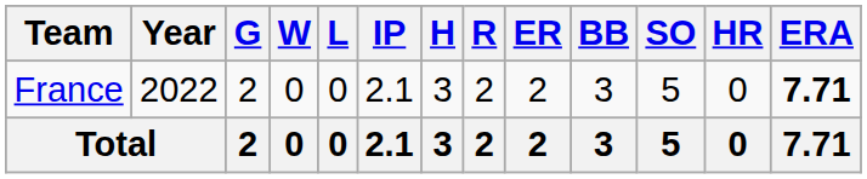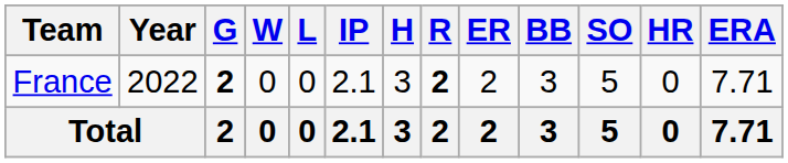 <table class="wikitable sortable" style="text-align:center">
 <tr>
 <th>Team</th>
 <th>Year</th>
 <th><a href='#'>G</a></th>
 <th><a href='#'>W</a></th>
 <th><a href='#'>L</a></th>
 <th><a href='#'>IP</a></th>
 <th><a href='#'>H</a></th>
 <th><a href='#'>R</a></th>
 <th><a href='#'>ER</a></th>
 <th><a href='#'>BB</a></th>
 <th><a href='#'>SO</a></th>
 <th><a href='#'>HR</a></th>
 <th><a href='#'>ERA</a></th>
 </tr>
 <tr>
 <td><a href='#'>France</a></td>
 <td>2022</td>
-<td>2</td>
+<td><strong>2</strong></td>
 <td>0</td>
 <td>0</td>
 <td>2.1</td>
 <td>3</td>
-<td>2</td>
+<td><strong>2</strong></td>
 <td>2</td>
 <td>3</td>
 <td>5</td>
 <td>0</td>
-<td><strong>7.71</strong></td>
+<td>7.71</td>
 </tr>
 <tr>
 <th colspan=2>Total</th>
 <th>2</th>
 <th>0</th>
 <th>0</th>
 <th>2.1</th>
 <th>3</th>
 <th>2</th>
 <th>2</th>
 <th>3</th>
 <th>5</th>
 <th>0</th>
 <th>7.71</th>
 </tr>
 </table>
